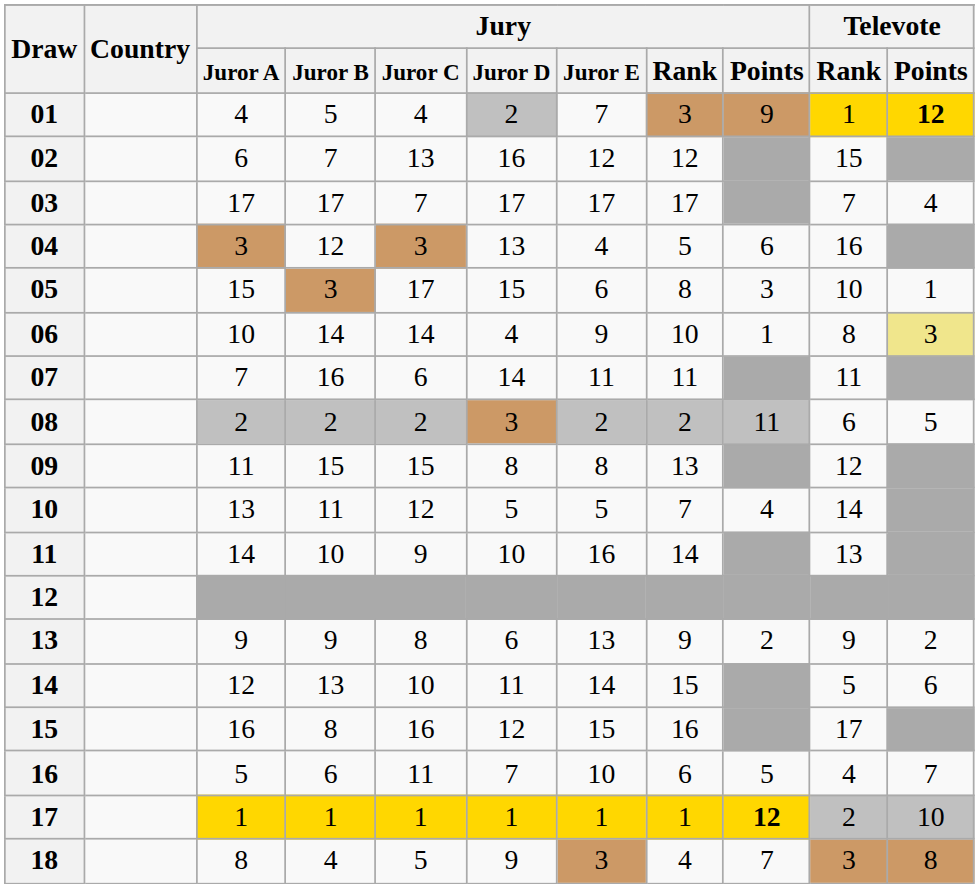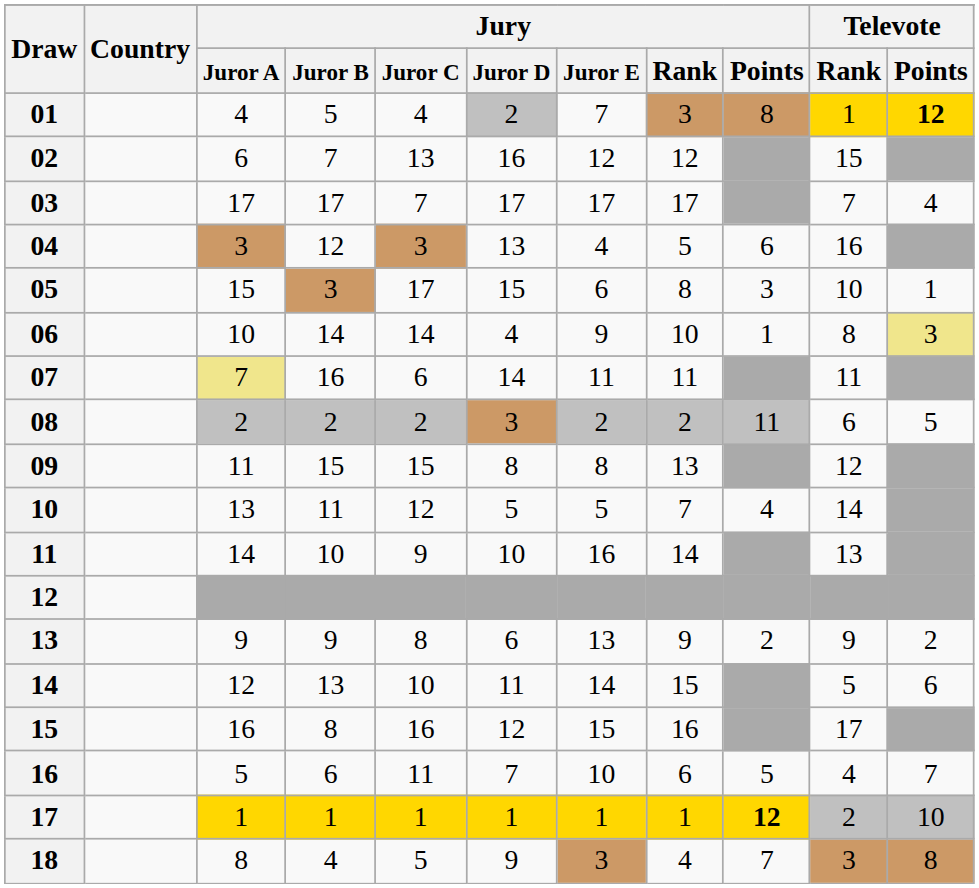 <table class="sortable wikitable collapsible plainrowheaders" style="text-align:center;">
 <tr>
 </tr>
 <tr>
 <th scope="col" rowspan="2">Draw</th>
 <th scope="col" rowspan="2">Country</th>
 <th scope="col" colspan="7">Jury</th>
 <th scope="col" colspan="2">Televote</th>
 </tr>
 <tr>
 <th scope="col"><small>Juror A</small></th>
 <th scope="col"><small>Juror B</small></th>
 <th scope="col"><small>Juror C</small></th>
 <th scope="col"><small>Juror D</small></th>
 <th scope="col"><small>Juror E</small></th>
 <th scope="col">Rank</th>
 <th scope="col">Points</th>
 <th scope="col">Rank</th>
 <th scope="col">Points</th>
 </tr>
 <tr>
 <th scope="row" style="text-align:center;">01</th>
 <td style="text-align:left;"></td>
 <td>4</td>
 <td>5</td>
 <td>4</td>
 <td style="background:silver;">2</td>
 <td>7</td>
 <td style="background:#CC9966;">3</td>
-<td style="background:#CC9966;">9</td>
+<td style="background:#CC9966;">8</td>
 <td style="background:gold;">1</td>
 <td style="background:gold;"><strong>12</strong></td>
 </tr>
 <tr>
 <th scope="row" style="text-align:center;">02</th>
 <td style="text-align:left;"></td>
 <td>6</td>
 <td>7</td>
 <td>13</td>
 <td>16</td>
 <td>12</td>
 <td>12</td>
 <td style="background:#AAAAAA;"></td>
 <td>15</td>
 <td style="background:#AAAAAA;"></td>
 </tr>
 <tr>
 <th scope="row" style="text-align:center;">03</th>
 <td style="text-align:left;"></td>
 <td>17</td>
 <td>17</td>
 <td>7</td>
 <td>17</td>
 <td>17</td>
 <td>17</td>
 <td style="background:#AAAAAA;"></td>
 <td>7</td>
 <td>4</td>
 </tr>
 <tr>
 <th scope="row" style="text-align:center;">04</th>
 <td style="text-align:left;"></td>
 <td style="background:#CC9966;">3</td>
 <td>12</td>
 <td style="background:#CC9966;">3</td>
 <td>13</td>
 <td>4</td>
 <td>5</td>
 <td>6</td>
 <td>16</td>
 <td style="background:#AAAAAA;"></td>
 </tr>
 <tr>
 <th scope="row" style="text-align:center;">05</th>
 <td style="text-align:left;"></td>
 <td>15</td>
 <td style="background:#CC9966;">3</td>
 <td>17</td>
 <td>15</td>
 <td>6</td>
 <td>8</td>
 <td>3</td>
 <td>10</td>
 <td>1</td>
 </tr>
 <tr>
 <th scope="row" style="text-align:center;">06</th>
 <td style="text-align:left;"></td>
 <td>10</td>
 <td>14</td>
 <td>14</td>
 <td>4</td>
 <td>9</td>
 <td>10</td>
 <td>1</td>
 <td>8</td>
 <td style="background: khaki;">3</td>
 </tr>
 <tr>
 <th scope="row" style="text-align:center;">07</th>
 <td style="text-align:left;"></td>
-<td>7</td>
+<td style="background: khaki;">7</td>
 <td>16</td>
 <td>6</td>
 <td>14</td>
 <td>11</td>
 <td>11</td>
 <td style="background:#AAAAAA;"></td>
 <td>11</td>
 <td style="background:#AAAAAA;"></td>
 </tr>
 <tr>
 <th scope="row" style="text-align:center;">08</th>
 <td style="text-align:left;"></td>
 <td style="background:silver;">2</td>
 <td style="background:silver;">2</td>
 <td style="background:silver;">2</td>
 <td style="background:#CC9966;">3</td>
 <td style="background:silver;">2</td>
 <td style="background:silver;">2</td>
 <td style="background:silver;">11</td>
 <td>6</td>
 <td>5</td>
 </tr>
 <tr>
 <th scope="row" style="text-align:center;">09</th>
 <td style="text-align:left;"></td>
 <td>11</td>
 <td>15</td>
 <td>15</td>
 <td>8</td>
 <td>8</td>
 <td>13</td>
 <td style="background:#AAAAAA;"></td>
 <td>12</td>
 <td style="background:#AAAAAA;"></td>
 </tr>
 <tr>
 <th scope="row" style="text-align:center;">10</th>
 <td style="text-align:left;"></td>
 <td>13</td>
 <td>11</td>
 <td>12</td>
 <td>5</td>
 <td>5</td>
 <td>7</td>
 <td>4</td>
 <td>14</td>
 <td style="background:#AAAAAA;"></td>
 </tr>
 <tr>
 <th scope="row" style="text-align:center;">11</th>
 <td style="text-align:left;"></td>
 <td>14</td>
 <td>10</td>
 <td>9</td>
 <td>10</td>
 <td>16</td>
 <td>14</td>
 <td style="background:#AAAAAA;"></td>
 <td>13</td>
 <td style="background:#AAAAAA;"></td>
 </tr>
 <tr class="sortbottom">
 <th scope="row" style="text-align:center;">12</th>
 <td style="text-align:left;"></td>
 <td style="background:#AAAAAA;"></td>
 <td style="background:#AAAAAA;"></td>
 <td style="background:#AAAAAA;"></td>
 <td style="background:#AAAAAA;"></td>
 <td style="background:#AAAAAA;"></td>
 <td style="background:#AAAAAA;"></td>
 <td style="background:#AAAAAA;"></td>
 <td style="background:#AAAAAA;"></td>
 <td style="background:#AAAAAA;"></td>
 </tr>
 <tr>
 <th scope="row" style="text-align:center;">13</th>
 <td style="text-align:left;"></td>
 <td>9</td>
 <td>9</td>
 <td>8</td>
 <td>6</td>
 <td>13</td>
 <td>9</td>
 <td>2</td>
 <td>9</td>
 <td>2</td>
 </tr>
 <tr>
 <th scope="row" style="text-align:center;">14</th>
 <td style="text-align:left;"></td>
 <td>12</td>
 <td>13</td>
 <td>10</td>
 <td>11</td>
 <td>14</td>
 <td>15</td>
 <td style="background:#AAAAAA;"></td>
 <td>5</td>
 <td>6</td>
 </tr>
 <tr>
 <th scope="row" style="text-align:center;">15</th>
 <td style="text-align:left;"></td>
 <td>16</td>
 <td>8</td>
 <td>16</td>
 <td>12</td>
 <td>15</td>
 <td>16</td>
 <td style="background:#AAAAAA;"></td>
 <td>17</td>
 <td style="background:#AAAAAA;"></td>
 </tr>
 <tr>
 <th scope="row" style="text-align:center;">16</th>
 <td style="text-align:left;"></td>
 <td>5</td>
 <td>6</td>
 <td>11</td>
 <td>7</td>
 <td>10</td>
 <td>6</td>
 <td>5</td>
 <td>4</td>
 <td>7</td>
 </tr>
 <tr>
 <th scope="row" style="text-align:center;">17</th>
 <td style="text-align:left;"></td>
 <td style="background:gold;">1</td>
 <td style="background:gold;">1</td>
 <td style="background:gold;">1</td>
 <td style="background:gold;">1</td>
 <td style="background:gold;">1</td>
 <td style="background:gold;">1</td>
 <td style="background:gold;"><strong>12</strong></td>
 <td style="background:silver;">2</td>
 <td style="background:silver;">10</td>
 </tr>
 <tr>
 <th scope="row" style="text-align:center;">18</th>
 <td style="text-align:left;"></td>
 <td>8</td>
 <td>4</td>
 <td>5</td>
 <td>9</td>
 <td style="background:#CC9966;">3</td>
 <td>4</td>
 <td>7</td>
 <td style="background:#CC9966;">3</td>
 <td style="background:#CC9966;">8</td>
 </tr>
 </table>
